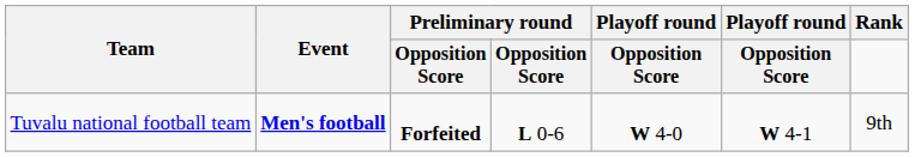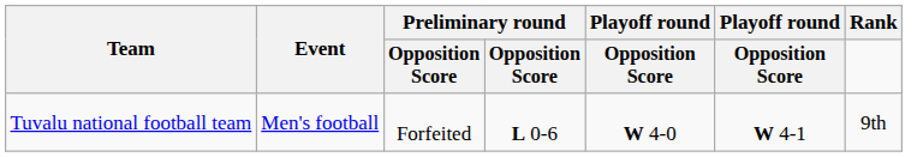 <table class=wikitable style=font-size:90%;text-align:center>
 <tr>
 <th rowspan=2>Team</th>
 <th rowspan=2>Event</th>
 <th colspan=2>Preliminary round</th>
 <th colspan=1>Playoff round</th>
 <th colspan=1>Playoff round</th>
 <th colspan=2>Rank</th>
 </tr>
 <tr style=font-size:95%>
 <th>Opposition<br>Score</th>
 <th>Opposition<br>Score</th>
 <th>Opposition<br>Score</th>
 <th>Opposition<br>Score</th>
 </tr>
 <tr>
 <td align=left><a href='#'>Tuvalu national football team</a></td>
-<td align=left><strong><a href='#'>Men's football</a></strong></td>
-<td><strong><br>Forfeited</strong></td>
+<td align=left><a href='#'>Men's football</a></td>
+<td><br>Forfeited</td>
 <td><br><strong>L</strong> 0-6</td>
 <td><br><strong>W</strong> 4-0</td>
 <td><br><strong>W</strong> 4-1</td>
 <td>9th</td>
 </tr>
 </table>
